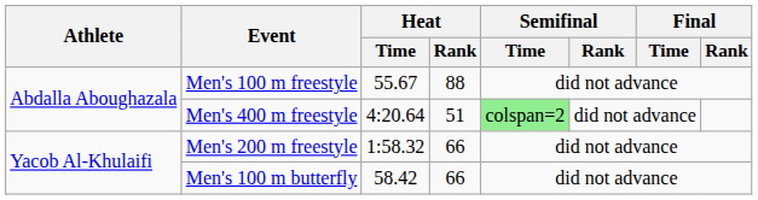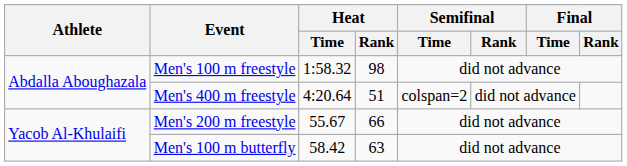 <table class=wikitable style="font-size:90%">
 <tr>
 <th rowspan="2">Athlete</th>
 <th rowspan="2">Event</th>
 <th colspan="2">Heat</th>
 <th colspan="2">Semifinal</th>
 <th colspan="2">Final</th>
 </tr>
 <tr style="font-size:95%">
 <th>Time</th>
 <th>Rank</th>
 <th>Time</th>
 <th>Rank</th>
 <th>Time</th>
 <th>Rank</th>
 </tr>
 <tr align=center>
 <td align=left rowspan=2><a href='#'>Abdalla Aboughazala</a></td>
 <td align=left><a href='#'>Men's 100 m freestyle</a></td>
-<td>55.67</td>
-<td>88</td>
+<td>1:58.32</td>
+<td>98</td>
 <td colspan=4>did not advance</td>
 </tr>
 <tr align=center>
 <td align=left><a href='#'>Men's 400 m freestyle</a></td>
 <td>4:20.64</td>
 <td>51</td>
-<td style="background: lightgreen;">colspan=2 </td>
+<td>colspan=2 </td>
 <td colspan=2>did not advance</td>
 </tr>
 <tr align=center>
 <td align=left rowspan=2><a href='#'>Yacob Al-Khulaifi</a></td>
 <td align=left><a href='#'>Men's 200 m freestyle</a></td>
-<td>1:58.32</td>
+<td>55.67</td>
 <td>66</td>
 <td colspan=4>did not advance</td>
 </tr>
 <tr align=center>
 <td align=left><a href='#'>Men's 100 m butterfly</a></td>
 <td>58.42</td>
-<td>66</td>
+<td>63</td>
 <td colspan=4>did not advance</td>
 </tr>
 </table>
